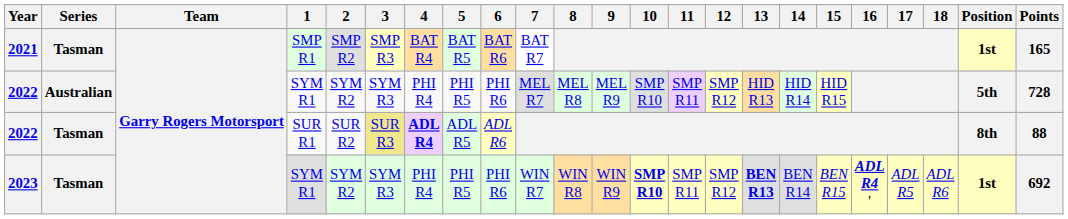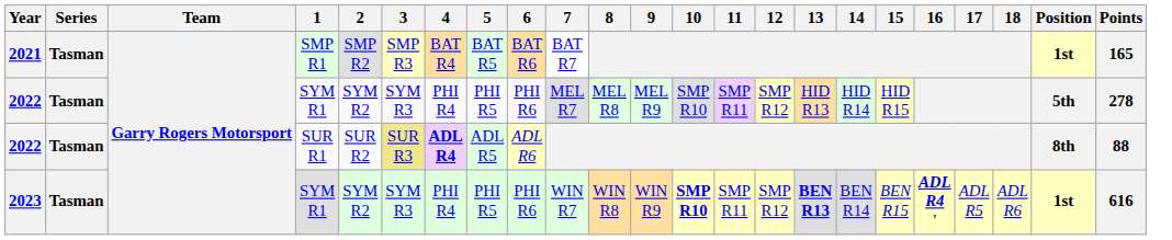 <table class="wikitable" style="text-align:center; font-size:85%">
 <tr>
 <th>Year</th>
 <th>Series</th>
 <th>Team</th>
 <th>1</th>
 <th>2</th>
 <th>3</th>
 <th>4</th>
 <th>5</th>
 <th>6</th>
 <th>7</th>
 <th>8</th>
 <th>9</th>
 <th>10</th>
 <th>11</th>
 <th>12</th>
 <th>13</th>
 <th>14</th>
 <th>15</th>
 <th>16</th>
 <th>17</th>
 <th>18</th>
 <th>Position</th>
 <th>Points</th>
 </tr>
 <tr>
 <th><a href='#'>2021</a></th>
 <th>Tasman</th>
 <th rowspan=4 nowrap><a href='#'>Garry Rogers Motorsport</a></th>
 <td style="background:#dfffdf"><a href='#'>SMP<br>R1</a><br></td>
 <td style="background:#dfdfdf"><a href='#'>SMP<br>R2</a><br></td>
 <td style="background:#ffffbf"><a href='#'>SMP<br>R3</a><br></td>
 <td style="background:#ffdf9f"><a href='#'>BAT<br>R4</a><strong><br></strong></td>
 <td style="background:#dfffdf"><a href='#'>BAT<br>R5</a><br></td>
 <td style="background:#ffdf9f"><a href='#'>BAT<br>R6</a><br></td>
 <td style="background:#ffffff"><a href='#'>BAT<br>R7</a><br></td>
 <th colspan=11></th>
 <th style="background:#ffffbf;">1st</th>
 <th>165</th>
 </tr>
 <tr>
 <th><a href='#'>2022</a></th>
-<th>Australian</th>
+<th>Tasman</th>
 <td><a href='#'>SYM<br>R1</a></td>
 <td><a href='#'>SYM<br>R2</a></td>
 <td><a href='#'>SYM<br>R3</a></td>
 <td><a href='#'>PHI<br>R4</a></td>
 <td><a href='#'>PHI<br>R5</a></td>
 <td><a href='#'>PHI<br>R6</a></td>
 <td style="background:#dfdfdf"><a href='#'>MEL<br>R7</a><br></td>
 <td style="background:#dfffdf"><a href='#'>MEL<br>R8</a><br></td>
 <td style="background:#dfffdf"><a href='#'>MEL<br>R9</a><br></td>
 <td style="background:#dfdfdf"><a href='#'>SMP<br>R10</a><br></td>
 <td style="background:#efcfff"><a href='#'>SMP<br>R11</a><br></td>
 <td style="background:#ffffbf"><a href='#'>SMP<br>R12</a><br></td>
 <td style="background:#ffdf9f"><a href='#'>HID<br>R13</a><br></td>
 <td style="background:#dfffdf"><a href='#'>HID<br>R14</a><br></td>
 <td style="background:#ffffbf"><a href='#'>HID<br>R15</a><br></td>
 <th colspan=3></th>
 <th>5th</th>
-<th>728</th>
+<th>278</th>
 </tr>
 <tr>
 <th><a href='#'>2022</a></th>
 <th>Tasman</th>
 <td><a href='#'>SUR<br>R1</a></td>
 <td><a href='#'>SUR<br>R2</a></td>
 <td style="background: khaki;"><a href='#'>SUR<br>R3</a></td>
 <td style="background:#efcfff"><strong><a href='#'>ADL<br>R4</a><br></strong></td>
 <td style="background:#dfffdf"><a href='#'>ADL<br>R5</a><br></td>
 <td style="background:#FFFFBF"><em><a href='#'>ADL<br>R6</a><br></em></td>
 <th colspan=12></th>
 <th>8th</th>
 <th>88</th>
 </tr>
 <tr>
 <th><a href='#'>2023</a></th>
 <th>Tasman</th>
 <td style="background:#dfdfdf"><a href='#'>SYM<br>R1</a><br></td>
 <td style="background:#dfffdf"><a href='#'>SYM<br>R2</a><br></td>
 <td style="background:#dfffdf"><a href='#'>SYM<br>R3</a><br></td>
 <td style="background:#dfffdf"><a href='#'>PHI<br>R4</a><br></td>
 <td style="background:#dfffdf"><a href='#'>PHI<br>R5</a><br></td>
 <td style="background:#dfffdf"><a href='#'>PHI<br>R6</a><br></td>
 <td style="background:#dfffdf"><a href='#'>WIN<br>R7</a><br></td>
 <td style="background:#ffdf9f"><a href='#'>WIN<br>R8</a><br></td>
 <td style="background:#ffdf9f"><a href='#'>WIN<br>R9</a><br></td>
 <td style="background:#FFFFBF"><strong><a href='#'>SMP<br>R10</a><br></strong></td>
 <td style="background:#FFFFBF"><a href='#'>SMP<br>R11</a><br></td>
 <td style="background:#FFFFBF"><a href='#'>SMP<br>R12</a><br></td>
 <td style="background:#dfdfdf"><strong><a href='#'>BEN<br>R13</a><br></strong></td>
 <td style="background:#dfdfdf"><a href='#'>BEN<br>R14</a><br></td>
 <td style="background:#FFFFBF"><em><a href='#'>BEN<br>R15</a><br></em></td>
 <td style="background:#FFFFBF"><strong><em><a href='#'>ADL<br>R4</a><br></em></strong>'</td>
 <td style="background:#FFFFBF"><em><a href='#'>ADL<br>R5</a><br></em></td>
 <td style="background:#FFFFBF"><em><a href='#'>ADL<br>R6</a><br></em></td>
 <th style="background:#ffffbf">1st</th>
-<th>692</th>
+<th>616</th>
 </tr>
 </table>
